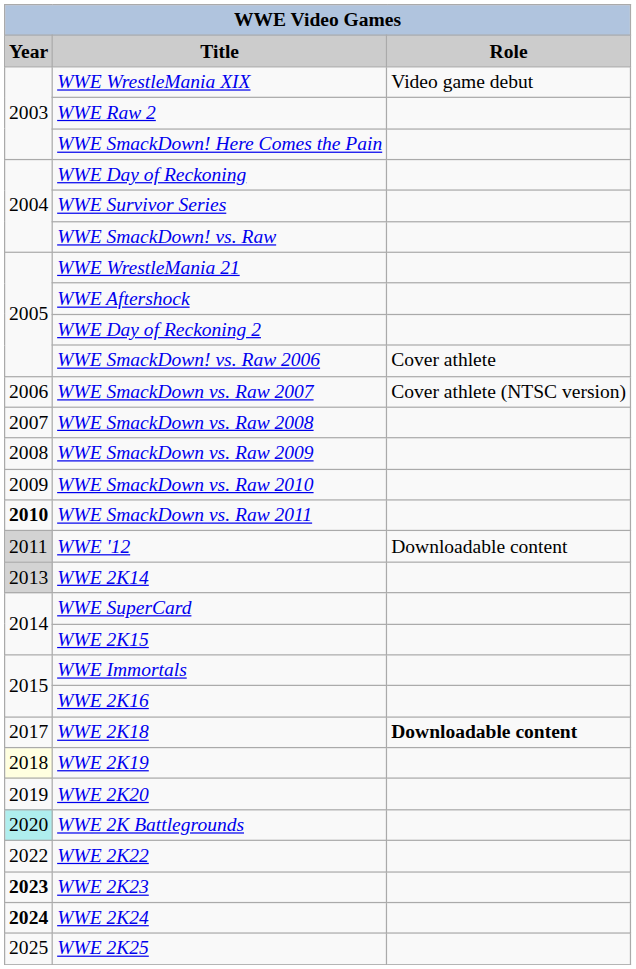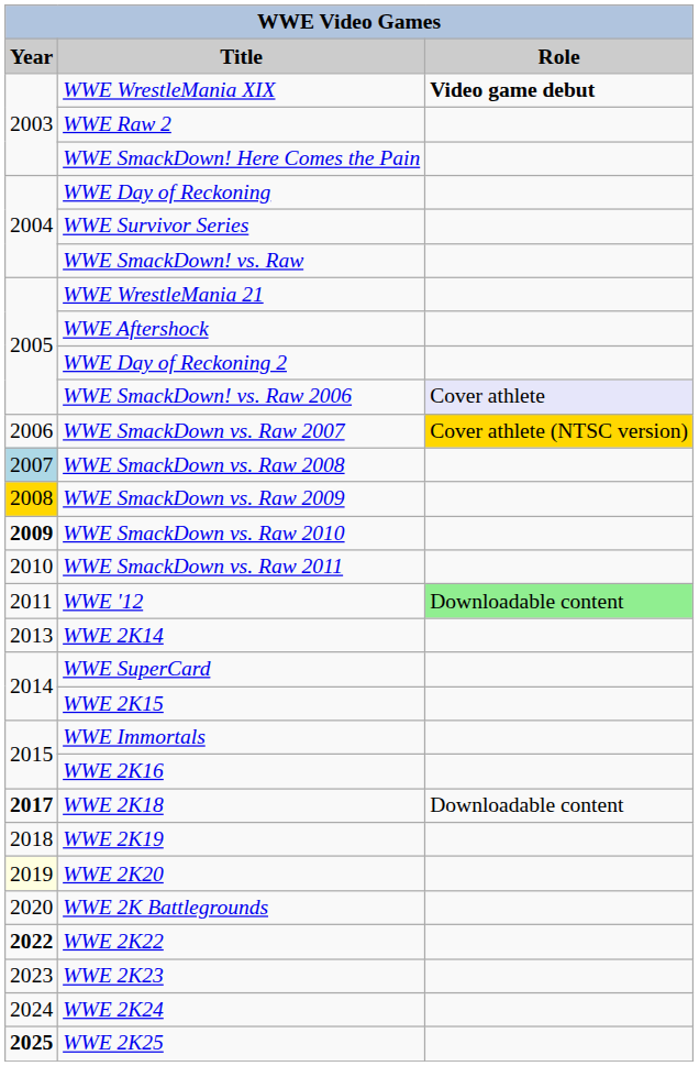 <table class="wikitable sortable">
 <tr style="text-align:center;">
 <th colspan=4 style="background:#B0C4DE;">WWE Video Games</th>
 </tr>
 <tr style="text-align:center;">
 <th style="background:#ccc;">Year</th>
 <th style="background:#ccc;">Title</th>
 <th style="background:#ccc;">Role</th>
 </tr>
 <tr>
 <td rowspan="3">2003</td>
 <td><em><a href='#'>WWE WrestleMania XIX</a></em></td>
-<td>Video game debut</td>
+<td><strong>Video game debut</strong></td>
 </tr>
 <tr>
 <td><em><a href='#'>WWE Raw 2</a></em></td>
 <td></td>
 </tr>
 <tr>
 <td><em><a href='#'>WWE SmackDown! Here Comes the Pain</a></em></td>
 <td></td>
 </tr>
 <tr>
 <td rowspan="3">2004</td>
 <td><em><a href='#'>WWE Day of Reckoning</a></em></td>
 <td></td>
 </tr>
 <tr>
 <td><em><a href='#'>WWE Survivor Series</a></em></td>
 <td></td>
 </tr>
 <tr>
 <td><em><a href='#'>WWE SmackDown! vs. Raw</a></em></td>
 <td></td>
 </tr>
 <tr>
 <td rowspan="4">2005</td>
 <td><em><a href='#'>WWE WrestleMania 21</a></em></td>
 <td></td>
 </tr>
 <tr>
 <td><em><a href='#'>WWE Aftershock</a></em></td>
 <td></td>
 </tr>
 <tr>
 <td><em><a href='#'>WWE Day of Reckoning 2</a></em></td>
 <td></td>
 </tr>
 <tr>
 <td><em><a href='#'>WWE SmackDown! vs. Raw 2006</a></em></td>
-<td>Cover athlete</td>
+<td style="background: lavender;">Cover athlete</td>
 </tr>
 <tr>
 <td>2006</td>
 <td><em><a href='#'>WWE SmackDown vs. Raw 2007</a></em></td>
-<td>Cover athlete (NTSC version)</td>
+<td style="background: gold;">Cover athlete (NTSC version)</td>
 </tr>
 <tr>
-<td>2007</td>
+<td style="background: lightblue;">2007</td>
 <td><em><a href='#'>WWE SmackDown vs. Raw 2008</a></em></td>
 <td></td>
 </tr>
 <tr>
-<td>2008</td>
+<td style="background: gold;">2008</td>
 <td><em><a href='#'>WWE SmackDown vs. Raw 2009</a></em></td>
 <td></td>
 </tr>
 <tr>
-<td>2009</td>
+<td><strong>2009</strong></td>
 <td><em><a href='#'>WWE SmackDown vs. Raw 2010</a></em></td>
 <td></td>
 </tr>
 <tr>
-<td><strong>2010</strong></td>
+<td>2010</td>
 <td><em><a href='#'>WWE SmackDown vs. Raw 2011</a></em></td>
 <td></td>
 </tr>
 <tr>
-<td style="background: lightgrey;">2011</td>
+<td>2011</td>
 <td><em><a href='#'>WWE '12</a></em></td>
-<td>Downloadable content</td>
+<td style="background: lightgreen;">Downloadable content</td>
 </tr>
 <tr>
-<td style="background: lightgrey;">2013</td>
+<td>2013</td>
 <td><em><a href='#'>WWE 2K14</a></em></td>
 <td></td>
 </tr>
 <tr>
 <td rowspan="2">2014</td>
 <td><em><a href='#'>WWE SuperCard</a></em></td>
 <td></td>
 </tr>
 <tr>
 <td><em><a href='#'>WWE 2K15</a></em></td>
 <td></td>
 </tr>
 <tr>
 <td rowspan="2">2015</td>
 <td><em><a href='#'>WWE Immortals</a></em></td>
 <td></td>
 </tr>
 <tr>
 <td><em><a href='#'>WWE 2K16</a></em></td>
 <td></td>
 </tr>
 <tr>
-<td>2017</td>
+<td><strong>2017</strong></td>
 <td><em><a href='#'>WWE 2K18</a></em></td>
-<td><strong>Downloadable content</strong></td>
+<td>Downloadable content</td>
 </tr>
 <tr>
-<td style="background: lightyellow;">2018</td>
+<td>2018</td>
 <td><em><a href='#'>WWE 2K19</a></em></td>
 <td></td>
 </tr>
 <tr>
-<td>2019</td>
+<td style="background: lightyellow;">2019</td>
 <td><em><a href='#'>WWE 2K20</a></em></td>
 <td></td>
 </tr>
 <tr>
-<td style="background: paleturquoise;">2020</td>
+<td>2020</td>
 <td><em><a href='#'>WWE 2K Battlegrounds</a></em></td>
 <td></td>
 </tr>
 <tr>
-<td>2022</td>
+<td><strong>2022</strong></td>
 <td><em><a href='#'>WWE 2K22</a></em></td>
 <td></td>
 </tr>
 <tr>
-<td><strong>2023</strong></td>
+<td>2023</td>
 <td><em><a href='#'>WWE 2K23</a></em></td>
 <td></td>
 </tr>
 <tr>
-<td><strong>2024</strong></td>
+<td>2024</td>
 <td><em><a href='#'>WWE 2K24</a></em></td>
 <td></td>
 </tr>
 <tr>
-<td>2025</td>
+<td><strong>2025</strong></td>
 <td><em><a href='#'>WWE 2K25</a></em></td>
 <td></td>
 </tr>
 </table>
